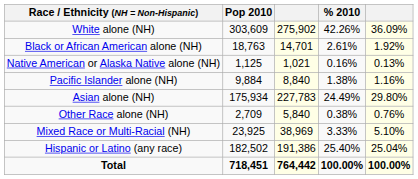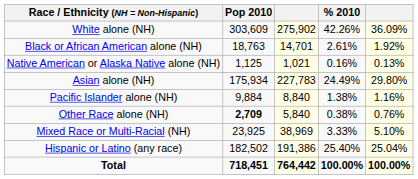 <table class="wikitable" style="text-align:center;">
 <tr>
 <th>Race / Ethnicity <small>(<em>NH = Non-Hispanic</em>)</small></th>
 <th>Pop 2010</th>
 <th></th>
 <th>% 2010</th>
 <th></th>
 </tr>
 <tr>
 <td><a href='#'>White</a> alone (NH)</td>
 <td>303,609</td>
 <td style='background: #ffffe6;'>275,902</td>
 <td>42.26%</td>
 <td style='background: #ffffe6;'>36.09%</td>
 </tr>
 <tr>
 <td><a href='#'>Black or African American</a> alone (NH)</td>
 <td>18,763</td>
 <td style='background: #ffffe6;'>14,701</td>
 <td>2.61%</td>
 <td style='background: #ffffe6;'>1.92%</td>
 </tr>
 <tr>
 <td><a href='#'>Native American</a> or <a href='#'>Alaska Native</a> alone (NH)</td>
 <td>1,125</td>
 <td style='background: #ffffe6;'>1,021</td>
 <td>0.16%</td>
 <td style='background: #ffffe6;'>0.13%</td>
 </tr>
 <tr>
+<td><a href='#'>Asian</a> alone (NH)</td>
+<td>175,934</td>
+<td style='background: #ffffe6;'>227,783</td>
+<td>24.49%</td>
+<td style='background: #ffffe6;'>29.80%</td>
+</tr>
+<tr>
 <td><a href='#'>Pacific Islander</a> alone (NH)</td>
 <td>9,884</td>
 <td style='background: #ffffe6;'>8,840</td>
 <td>1.38%</td>
 <td style='background: #ffffe6;'>1.16%</td>
 </tr>
 <tr>
-<td><a href='#'>Asian</a> alone (NH)</td>
-<td>175,934</td>
-<td style='background: #ffffe6;'>227,783</td>
-<td>24.49%</td>
-<td style='background: #ffffe6;'>29.80%</td>
-</tr>
-<tr>
 <td><a href='#'>Other Race</a> alone (NH)</td>
-<td>2,709</td>
+<td><strong>2,709</strong></td>
 <td style='background: #ffffe6;'>5,840</td>
 <td>0.38%</td>
 <td style='background: #ffffe6;'>0.76%</td>
 </tr>
 <tr>
 <td><a href='#'>Mixed Race or Multi-Racial</a> (NH)</td>
 <td>23,925</td>
 <td style='background: #ffffe6;'>38,969</td>
 <td>3.33%</td>
 <td style='background: #ffffe6;'>5.10%</td>
 </tr>
 <tr>
 <td><a href='#'>Hispanic or Latino</a> (any race)</td>
 <td>182,502</td>
 <td style='background: #ffffe6;'>191,386</td>
 <td>25.40%</td>
 <td style='background: #ffffe6;'>25.04%</td>
 </tr>
 <tr>
 <td><strong>Total</strong></td>
 <td><strong>718,451</strong></td>
 <td style='background: #ffffe6;'><strong>764,442</strong></td>
 <td><strong>100.00%</strong></td>
 <td style='background: #ffffe6;'><strong>100.00%</strong></td>
 </tr>
 </table>
